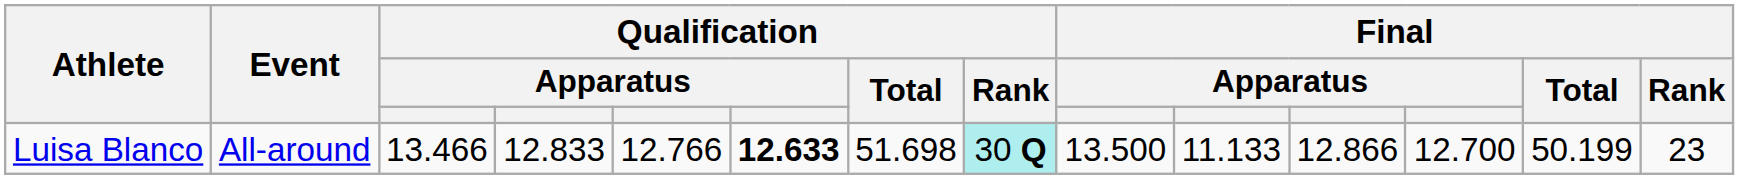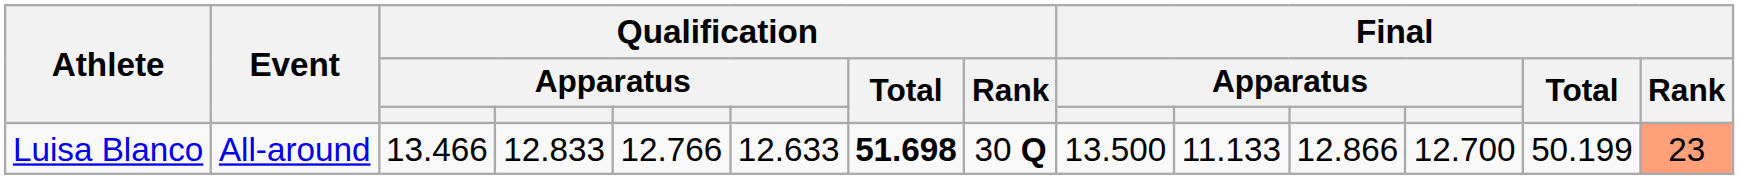 <table class="wikitable" style="font-size:90%">
 <tr>
 <th rowspan=3>Athlete</th>
 <th rowspan=3>Event</th>
 <th colspan=6>Qualification</th>
 <th colspan=6>Final</th>
 </tr>
 <tr style=font-size:95%>
 <th colspan=4>Apparatus</th>
 <th rowspan=2>Total</th>
 <th rowspan=2>Rank</th>
 <th colspan=4>Apparatus</th>
 <th rowspan=2>Total</th>
 <th rowspan=2>Rank</th>
 </tr>
 <tr style=font-size:95%>
 <th></th>
 <th></th>
 <th></th>
 <th></th>
 <th></th>
 <th></th>
 <th></th>
 <th></th>
 </tr>
 <tr align=center>
 <td align=left><a href='#'>Luisa Blanco</a></td>
 <td align=left><a href='#'>All-around</a></td>
 <td>13.466</td>
 <td>12.833</td>
 <td>12.766</td>
-<td><strong>12.633</strong></td>
-<td>51.698</td>
-<td style="background: paleturquoise;">30 <strong>Q</strong></td>
+<td>12.633</td>
+<td><strong>51.698</strong></td>
+<td>30 <strong>Q</strong></td>
 <td>13.500</td>
 <td>11.133</td>
 <td>12.866</td>
 <td>12.700</td>
 <td>50.199</td>
-<td>23</td>
+<td style="background: lightsalmon;">23</td>
 </tr>
 </table>
